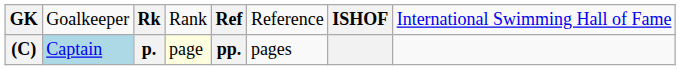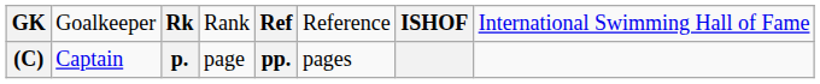 <table class="wikitable" style="text-align: left; font-size: 90%; margin-left: 1em;">
 <tr>
 <th>GK</th>
 <td>Goalkeeper</td>
 <th>Rk</th>
 <td>Rank</td>
 <th>Ref</th>
 <td>Reference</td>
 <th>ISHOF</th>
 <td><a href='#'>International Swimming Hall of Fame</a></td>
 </tr>
 <tr>
 <th>(C)</th>
-<td style="background: lightblue;"><a href='#'>Captain</a></td>
+<td><a href='#'>Captain</a></td>
 <th>p.</th>
-<td style="background: lightyellow;">page</td>
+<td>page</td>
 <th>pp.</th>
 <td>pages</td>
 <th></th>
 <td></td>
 </tr>
 </table>
